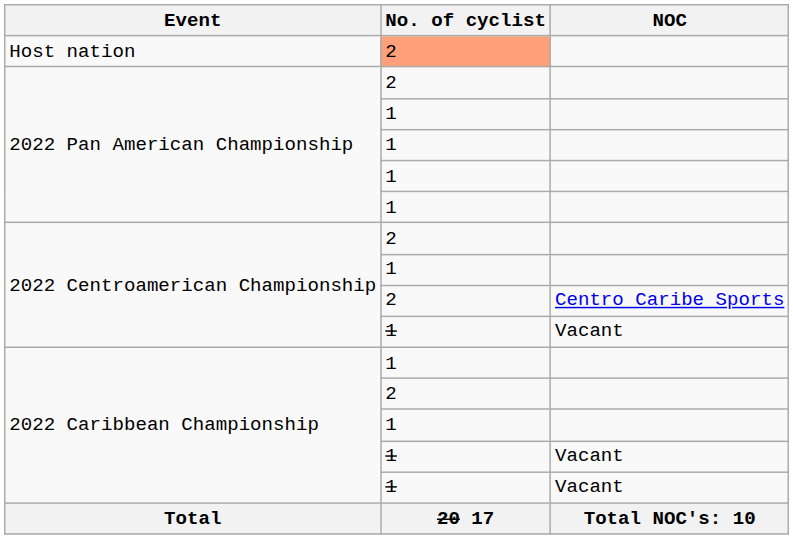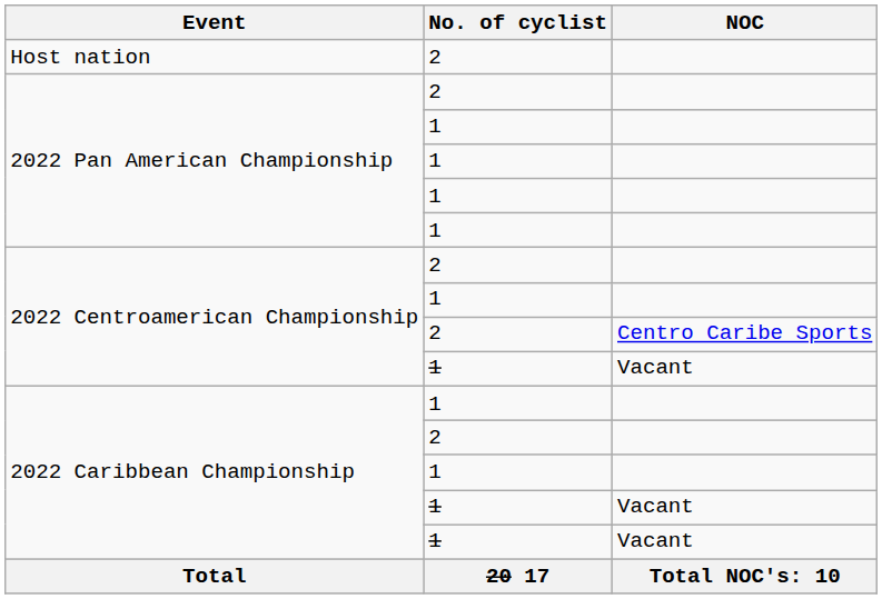 <table class="wikitable">
 <tr>
 <th>Event</th>
 <th>No. of cyclist</th>
 <th>NOC</th>
 </tr>
 <tr>
 <td>Host nation</td>
-<td style="background: lightsalmon;">2</td>
+<td>2</td>
 <td></td>
 </tr>
 <tr>
 <td rowspan="5">2022 Pan American Championship</td>
 <td>2</td>
 <td></td>
 </tr>
 <tr>
 <td>1</td>
 <td></td>
 </tr>
 <tr>
 <td>1</td>
 <td></td>
 </tr>
 <tr>
 <td>1</td>
 <td></td>
 </tr>
 <tr>
 <td>1</td>
 <td></td>
 </tr>
 <tr>
 <td rowspan="4">2022 Centroamerican Championship</td>
 <td>2</td>
 <td></td>
 </tr>
 <tr>
 <td>1</td>
 <td></td>
 </tr>
 <tr>
 <td>2</td>
 <td><a href='#'>Centro Caribe Sports</a></td>
 </tr>
 <tr>
 <td><s>1</s></td>
 <td>Vacant</td>
 </tr>
 <tr>
 <td rowspan="5">2022 Caribbean Championship</td>
 <td>1</td>
 <td></td>
 </tr>
 <tr>
 <td>2</td>
 <td></td>
 </tr>
 <tr>
 <td>1</td>
 <td></td>
 </tr>
 <tr>
 <td><s>1</s></td>
 <td>Vacant</td>
 </tr>
 <tr>
 <td><s>1</s></td>
 <td>Vacant</td>
 </tr>
 <tr>
 <th>Total</th>
 <th><s>20</s> 17</th>
 <th>Total NOC's: 10</th>
 </tr>
 </table>
